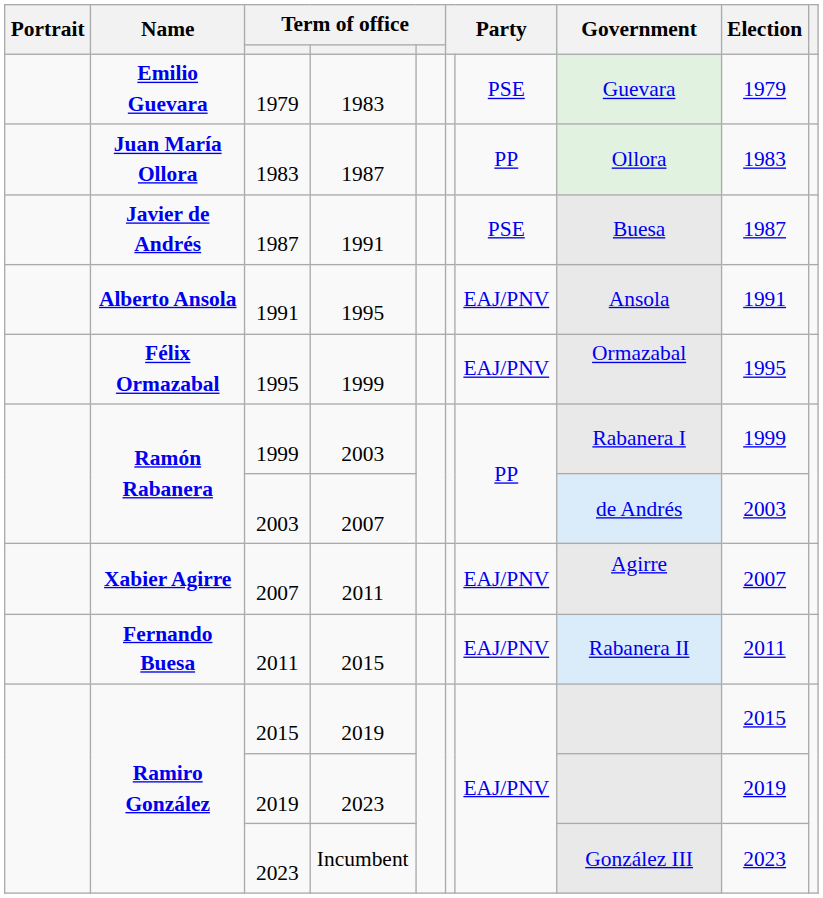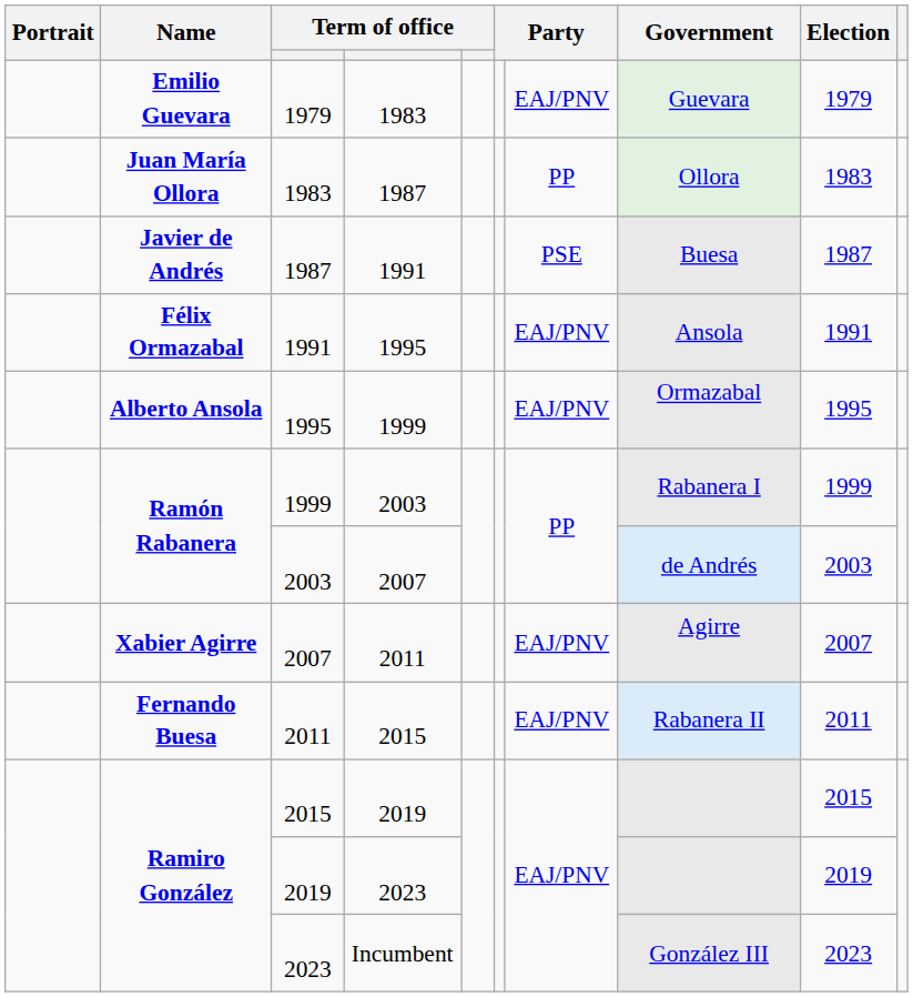 <table class="wikitable" style="line-height:1.4em; text-align:center; border:1px #aaf solid;">
 <tr>
 <th rowspan="2" width="65">Portrait</th>
 <th rowspan="2" width="250">Name<br></th>
 <th colspan="3">Term of office</th>
 <th rowspan="2" colspan="2" width="90">Party</th>
 <th rowspan="2" width="250">Government<br></th>
 <th rowspan="2" width="65">Election</th>
 <th rowspan="2"></th>
 </tr>
 <tr>
 <th width="85"></th>
 <th width="85"></th>
 <th width="85"></th>
 </tr>
 <tr>
 <td width="65"></td>
 <td><strong><a href='#'>Emilio Guevara</a></strong><br></td>
 <td class="nowrap"><br>1979</td>
 <td class="nowrap"><br>1983</td>
 <td style="font-size:95%;"></td>
 <td width="1" style="color:inherit;background:"></td>
-<td width="90"><a href='#'>PSE</a></td>
+<td width="90"><a href='#'>EAJ/PNV</a></td>
 <td style="background:#E1F2E1;"><a href='#'>Guevara</a><br></td>
 <td><a href='#'>1979</a></td>
 <td></td>
 </tr>
 <tr>
 <td width="65"></td>
 <td><strong><a href='#'>Juan María Ollora</a></strong><br></td>
 <td class="nowrap"><br>1983</td>
 <td class="nowrap"><br>1987</td>
 <td style="font-size:95%;"></td>
 <td width="1" style="color:inherit;background:"></td>
 <td width="90"><a href='#'>PP</a></td>
 <td style="background:#E1F2E1;"><a href='#'>Ollora</a><br></td>
 <td><a href='#'>1983</a></td>
 <td></td>
 </tr>
 <tr>
 <td width="65"></td>
 <td><strong><a href='#'>Javier de Andrés</a></strong><br></td>
 <td class="nowrap"><br>1987</td>
 <td class="nowrap"><br>1991</td>
 <td style="font-size:95%;"></td>
 <td width="1" style="color:inherit;background:"></td>
 <td width="90"><a href='#'>PSE</a></td>
 <td style="background:#E9E9E9;"><a href='#'>Buesa</a><br></td>
 <td><a href='#'>1987</a></td>
 <td></td>
 </tr>
 <tr>
 <td width="65"></td>
-<td><strong><a href='#'>Alberto Ansola</a></strong><br></td>
+<td><strong><a href='#'>Félix Ormazabal</a></strong><br></td>
 <td class="nowrap"><br>1991</td>
 <td class="nowrap"><br>1995</td>
 <td style="font-size:95%;"></td>
 <td width="1" style="color:inherit;background:"></td>
 <td width="90"><a href='#'>EAJ/PNV</a></td>
 <td style="background:#E9E9E9;"><a href='#'>Ansola</a><br></td>
 <td><a href='#'>1991</a></td>
 <td></td>
 </tr>
 <tr>
 <td width="65"></td>
-<td><strong><a href='#'>Félix Ormazabal</a></strong><br></td>
+<td><strong><a href='#'>Alberto Ansola</a></strong><br></td>
 <td class="nowrap"><br>1995</td>
 <td class="nowrap"><br>1999</td>
 <td style="font-size:95%;"></td>
 <td width="1" style="color:inherit;background:"></td>
 <td width="90"><a href='#'>EAJ/PNV</a></td>
 <td style="background:#E9E9E9;"><a href='#'>Ormazabal</a><br><br></td>
 <td><a href='#'>1995</a></td>
 <td></td>
 </tr>
 <tr>
 <td width="65" rowspan="2"></td>
 <td rowspan="2"><strong><a href='#'>Ramón Rabanera</a></strong><br></td>
 <td class="nowrap"><br>1999</td>
 <td class="nowrap"><br>2003</td>
 <td rowspan="2" style="font-size:95%;"></td>
 <td rowspan="2" width="1" style="background:"></td>
 <td rowspan="2" width="90"><a href='#'>PP</a></td>
 <td style="background:#E9E9E9;"><a href='#'>Rabanera I</a><br></td>
 <td><a href='#'>1999</a></td>
 <td rowspan="2"></td>
 </tr>
 <tr>
 <td class="nowrap"><br>2003</td>
 <td class="nowrap"><br>2007</td>
 <td style="background:#DAECFA;"><a href='#'>de Andrés</a><br></td>
 <td><a href='#'>2003</a></td>
 </tr>
 <tr>
 <td width="65"></td>
 <td><strong><a href='#'>Xabier Agirre</a></strong><br></td>
 <td class="nowrap"><br>2007</td>
 <td class="nowrap"><br>2011</td>
 <td style="font-size:95%;"></td>
 <td width="1" style="color:inherit;background:"></td>
 <td width="90"><a href='#'>EAJ/PNV</a></td>
 <td style="background:#E9E9E9;"><a href='#'>Agirre</a><br><br></td>
 <td><a href='#'>2007</a></td>
 <td></td>
 </tr>
 <tr>
 <td width="65"></td>
 <td><strong><a href='#'>Fernando Buesa</a></strong><br></td>
 <td class="nowrap"><br>2011</td>
 <td class="nowrap"><br>2015</td>
 <td style="font-size:95%;"></td>
 <td width="1" style="color:inherit;background:"></td>
 <td width="90"><a href='#'>EAJ/PNV</a></td>
 <td style="background:#DAECFA;"><a href='#'>Rabanera II</a><br></td>
 <td><a href='#'>2011</a></td>
 <td></td>
 </tr>
 <tr>
 <td width="65" rowspan="3"></td>
 <td rowspan="3"><strong><a href='#'>Ramiro González</a></strong><br></td>
 <td class="nowrap"><br>2015</td>
 <td class="nowrap"><br>2019</td>
 <td rowspan="3" style="font-size:95%;"></td>
 <td rowspan="3" width="1" style="background:"></td>
 <td rowspan="3" width="90"><a href='#'>EAJ/PNV</a></td>
 <td style="background:#E9E9E9;"><br></td>
 <td><a href='#'>2015</a></td>
 <td rowspan="3"><br></td>
 </tr>
 <tr>
 <td class="nowrap"><br>2019</td>
 <td class="nowrap"><br>2023</td>
 <td style="background:#E9E9E9;"><br></td>
 <td><a href='#'>2019</a></td>
 </tr>
 <tr>
 <td class="nowrap"><br>2023</td>
 <td class="nowrap">Incumbent</td>
 <td style="background:#E9E9E9;"><a href='#'>González III</a><br></td>
 <td><a href='#'>2023</a></td>
 </tr>
 </table>
